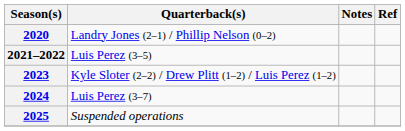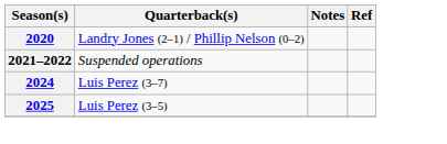 <table class="wikitable plainrowheaders">
 <tr>
 <th>Season(s)</th>
 <th>Quarterback(s)</th>
 <th>Notes</th>
 <th>Ref</th>
 </tr>
 <tr>
 <th scope="row"><a href='#'>2020</a></th>
 <td><a href='#'>Landry Jones</a> <small>(2–1)</small> / <a href='#'>Phillip Nelson</a> <small>(0–2)</small></td>
 <td></td>
 <td></td>
 </tr>
 <tr>
 <th scope="row">2021–2022</th>
-<td><a href='#'>Luis Perez</a> <small>(3–5)</small></td>
-<td></td>
-<td></td>
-</tr>
-<tr>
-<th scope="row"><a href='#'>2023</a></th>
-<td><a href='#'>Kyle Sloter</a> <small>(2–2)</small> / <a href='#'>Drew Plitt</a> <small>(1–2)</small> / <a href='#'>Luis Perez</a> <small>(1–2)</small></td>
+<td><em>Suspended operations</em></td>
 <td></td>
 <td></td>
 </tr>
 <tr>
 <th scope="row"><a href='#'>2024</a></th>
 <td><a href='#'>Luis Perez</a> <small>(3–7)</small></td>
 <td></td>
 <td></td>
 </tr>
 <tr>
 <th scope="row"><a href='#'>2025</a></th>
-<td><em>Suspended operations</em></td>
+<td><a href='#'>Luis Perez</a> <small>(3–5)</small></td>
 <td></td>
 <td></td>
 </tr>
 <tr>
 </tr>
 </table>
